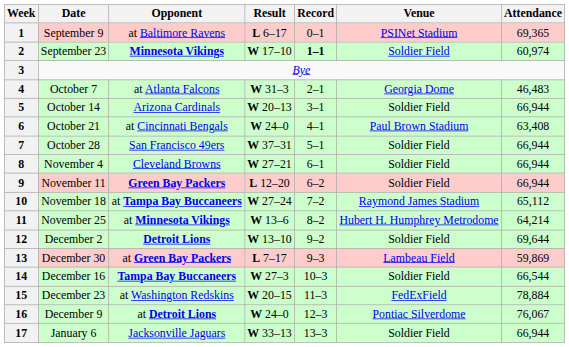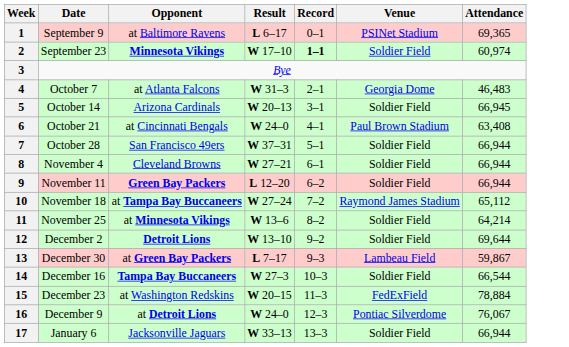 <table class="wikitable" style="text-align:center">
 <tr>
 <th>Week</th>
 <th>Date</th>
 <th>Opponent</th>
 <th>Result</th>
 <th>Record</th>
 <th>Venue</th>
 <th>Attendance</th>
 </tr>
 <tr style="background:#fcc">
 <th>1</th>
 <td>September 9</td>
 <td>at <a href='#'>Baltimore Ravens</a></td>
 <td><strong>L</strong> 6–17</td>
 <td>0–1</td>
 <td><a href='#'>PSINet Stadium</a></td>
 <td>69,365</td>
 </tr>
 <tr style="background:#cfc">
 <th>2</th>
 <td>September 23</td>
 <td><strong><a href='#'>Minnesota Vikings</a></strong></td>
 <td><strong>W</strong> 17–10</td>
 <td><strong>1–1</strong></td>
 <td><a href='#'>Soldier Field</a></td>
 <td>60,974</td>
 </tr>
 <tr>
 <th>3</th>
 <td colspan="6"><em><a href='#'>Bye</a></em></td>
 </tr>
 <tr style="background:#cfc">
 <th>4</th>
 <td>October 7</td>
 <td>at <a href='#'>Atlanta Falcons</a></td>
 <td><strong>W</strong> 31–3</td>
 <td>2–1</td>
 <td><a href='#'>Georgia Dome</a></td>
 <td>46,483</td>
 </tr>
 <tr style="background:#cfc">
 <th>5</th>
 <td>October 14</td>
 <td><a href='#'>Arizona Cardinals</a></td>
 <td><strong>W</strong> 20–13</td>
 <td>3–1</td>
 <td>Soldier Field</td>
-<td>66,944</td>
+<td>66,945</td>
 </tr>
 <tr style="background:#cfc">
 <th>6</th>
 <td>October 21</td>
 <td>at <a href='#'>Cincinnati Bengals</a></td>
 <td><strong>W</strong> 24–0</td>
 <td>4–1</td>
 <td><a href='#'>Paul Brown Stadium</a></td>
 <td>63,408</td>
 </tr>
 <tr style="background:#cfc">
 <th>7</th>
 <td>October 28</td>
 <td><a href='#'>San Francisco 49ers</a></td>
 <td><strong>W</strong> 37–31 </td>
 <td>5–1</td>
 <td>Soldier Field</td>
 <td>66,944</td>
 </tr>
 <tr style="background:#cfc">
 <th>8</th>
 <td>November 4</td>
 <td><a href='#'>Cleveland Browns</a></td>
 <td><strong>W</strong> 27–21 </td>
 <td>6–1</td>
 <td>Soldier Field</td>
 <td>66,944</td>
 </tr>
 <tr style="background:#fcc">
 <th>9</th>
 <td>November 11</td>
 <td><strong><a href='#'>Green Bay Packers</a></strong></td>
 <td><strong>L</strong> 12–20</td>
 <td>6–2</td>
 <td>Soldier Field</td>
 <td>66,944</td>
 </tr>
 <tr style="background:#cfc">
 <th>10</th>
 <td>November 18</td>
 <td>at <strong><a href='#'>Tampa Bay Buccaneers</a></strong></td>
 <td><strong>W</strong> 27–24</td>
 <td>7–2</td>
 <td><a href='#'>Raymond James Stadium</a></td>
 <td>65,112</td>
 </tr>
 <tr style="background:#cfc">
 <th>11</th>
 <td>November 25</td>
 <td>at <strong><a href='#'>Minnesota Vikings</a></strong></td>
 <td><strong>W</strong> 13–6</td>
 <td>8–2</td>
-<td><a href='#'>Hubert H. Humphrey Metrodome</a></td>
+<td>Soldier Field</td>
 <td>64,214</td>
 </tr>
 <tr style="background:#cfc">
 <th>12</th>
 <td>December 2</td>
 <td><strong><a href='#'>Detroit Lions</a></strong></td>
 <td><strong>W</strong> 13–10</td>
 <td>9–2</td>
 <td>Soldier Field</td>
 <td>69,644</td>
 </tr>
 <tr style="background:#fcc">
 <th>13</th>
 <td>December 30</td>
 <td>at <strong><a href='#'>Green Bay Packers</a></strong></td>
 <td><strong>L</strong> 7–17</td>
 <td>9–3</td>
 <td><a href='#'>Lambeau Field</a></td>
-<td>59,869</td>
+<td>59,867</td>
 </tr>
 <tr style="background:#cfc">
 <th>14</th>
 <td>December 16</td>
 <td><strong><a href='#'>Tampa Bay Buccaneers</a></strong></td>
 <td><strong>W</strong> 27–3</td>
 <td>10–3</td>
 <td>Soldier Field</td>
 <td>66,544</td>
 </tr>
 <tr style="background:#cfc">
 <th>15</th>
 <td>December 23</td>
 <td>at <a href='#'>Washington Redskins</a></td>
 <td><strong>W</strong> 20–15</td>
 <td>11–3</td>
 <td><a href='#'>FedExField</a></td>
 <td>78,884</td>
 </tr>
 <tr style="background:#cfc">
 <th>16</th>
 <td>December 9</td>
 <td>at <strong><a href='#'>Detroit Lions</a></strong></td>
 <td><strong>W</strong> 24–0</td>
 <td>12–3</td>
 <td><a href='#'>Pontiac Silverdome</a></td>
 <td>76,067</td>
 </tr>
 <tr style="background:#cfc">
 <th>17</th>
 <td>January 6</td>
 <td><a href='#'>Jacksonville Jaguars</a></td>
 <td><strong>W</strong> 33–13</td>
 <td>13–3</td>
 <td>Soldier Field</td>
 <td>66,944</td>
 </tr>
 </table>
